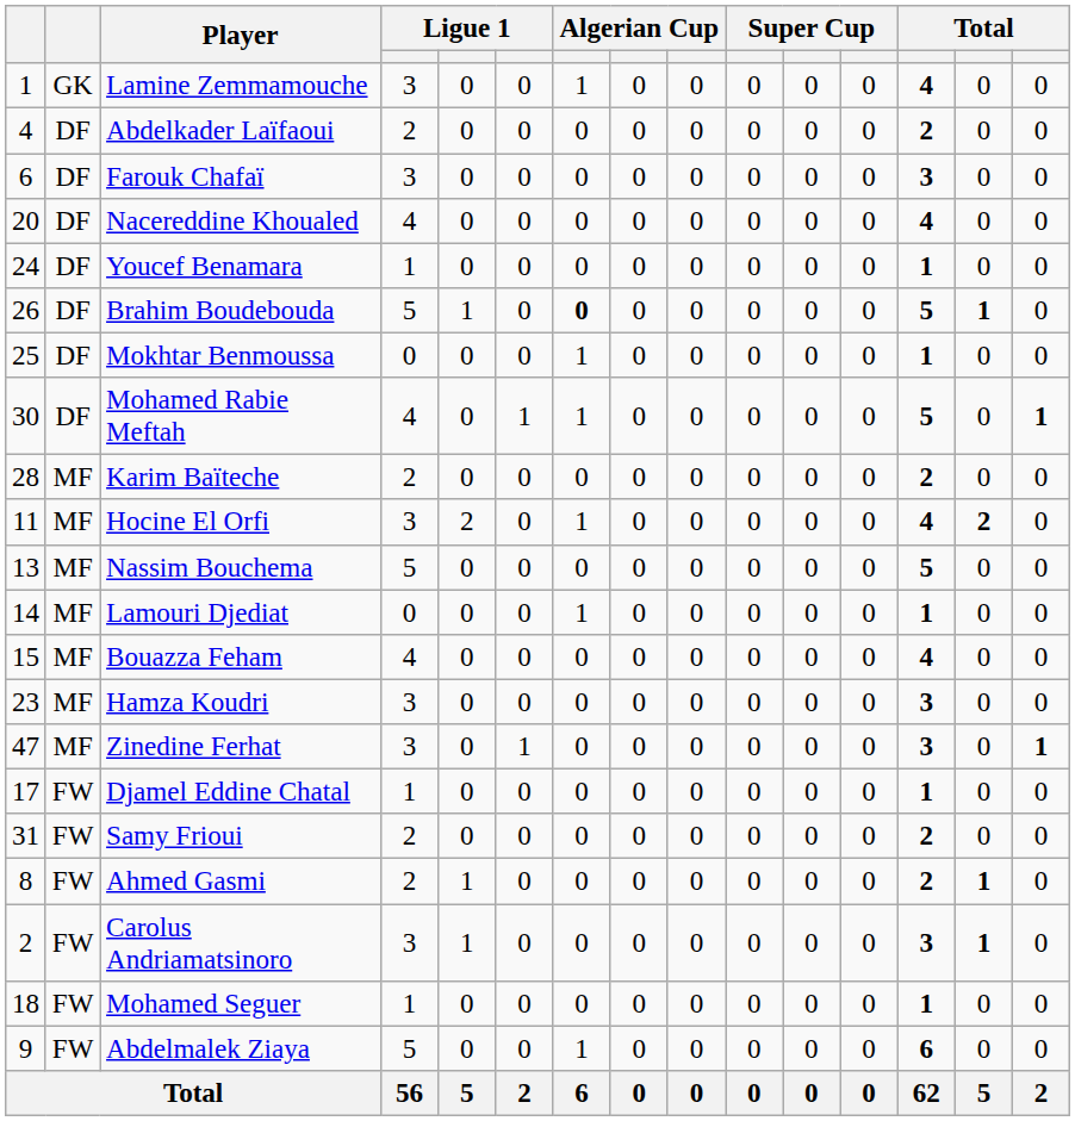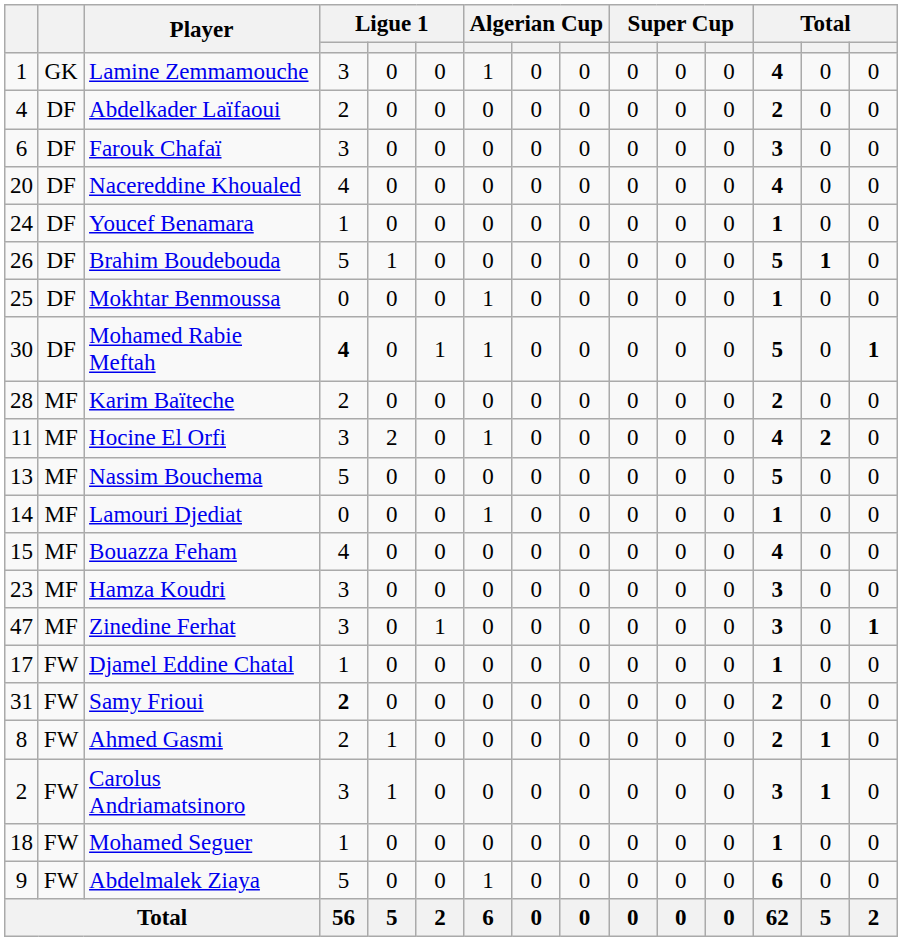 <table class="wikitable sortable nowrap" style="font-size: 96%; text-align: center;">
 <tr>
 <th rowspan="2"></th>
 <th rowspan="2"></th>
 <th rowspan="2" width=150>Player</th>
 <th colspan="3">Ligue 1</th>
 <th colspan="3">Algerian Cup</th>
 <th colspan="3">Super Cup</th>
 <th colspan="3">Total</th>
 </tr>
 <tr>
 <th width=25></th>
 <th width=25></th>
 <th width=25></th>
 <th width=25></th>
 <th width=25></th>
 <th width=25></th>
 <th width=25></th>
 <th width=25></th>
 <th width=25></th>
 <th width=25></th>
 <th width=25></th>
 <th width=25></th>
 </tr>
 <tr>
 <td>1</td>
 <td>GK</td>
 <td style="text-align:left"> <a href='#'>Lamine Zemmamouche</a></td>
 <td>3</td>
 <td>0</td>
 <td>0</td>
 <td>1</td>
 <td>0</td>
 <td>0</td>
 <td>0</td>
 <td>0</td>
 <td>0</td>
 <td><strong>4</strong></td>
 <td>0</td>
 <td>0</td>
 </tr>
 <tr>
 <td>4</td>
 <td>DF</td>
 <td style="text-align:left"> <a href='#'>Abdelkader Laïfaoui</a></td>
 <td>2</td>
 <td>0</td>
 <td>0</td>
 <td>0</td>
 <td>0</td>
 <td>0</td>
 <td>0</td>
 <td>0</td>
 <td>0</td>
 <td><strong>2</strong></td>
 <td>0</td>
 <td>0</td>
 </tr>
 <tr>
 <td>6</td>
 <td>DF</td>
 <td style="text-align:left"> <a href='#'>Farouk Chafaï</a></td>
 <td>3</td>
 <td>0</td>
 <td>0</td>
 <td>0</td>
 <td>0</td>
 <td>0</td>
 <td>0</td>
 <td>0</td>
 <td>0</td>
 <td><strong>3</strong></td>
 <td>0</td>
 <td>0</td>
 </tr>
 <tr>
 <td>20</td>
 <td>DF</td>
 <td style="text-align:left"> <a href='#'>Nacereddine Khoualed</a></td>
 <td>4</td>
 <td>0</td>
 <td>0</td>
 <td>0</td>
 <td>0</td>
 <td>0</td>
 <td>0</td>
 <td>0</td>
 <td>0</td>
 <td><strong>4</strong></td>
 <td>0</td>
 <td>0</td>
 </tr>
 <tr>
 <td>24</td>
 <td>DF</td>
 <td style="text-align:left"> <a href='#'>Youcef Benamara</a></td>
 <td>1</td>
 <td>0</td>
 <td>0</td>
 <td>0</td>
 <td>0</td>
 <td>0</td>
 <td>0</td>
 <td>0</td>
 <td>0</td>
 <td><strong>1</strong></td>
 <td>0</td>
 <td>0</td>
 </tr>
 <tr>
 <td>26</td>
 <td>DF</td>
 <td style="text-align:left"> <a href='#'>Brahim Boudebouda</a></td>
 <td>5</td>
 <td>1</td>
 <td>0</td>
-<td><strong>0</strong></td>
+<td>0</td>
 <td>0</td>
 <td>0</td>
 <td>0</td>
 <td>0</td>
 <td>0</td>
 <td><strong>5</strong></td>
 <td><strong>1</strong></td>
 <td>0</td>
 </tr>
 <tr>
 <td>25</td>
 <td>DF</td>
 <td style="text-align:left"> <a href='#'>Mokhtar Benmoussa</a></td>
 <td>0</td>
 <td>0</td>
 <td>0</td>
 <td>1</td>
 <td>0</td>
 <td>0</td>
 <td>0</td>
 <td>0</td>
 <td>0</td>
 <td><strong>1</strong></td>
 <td>0</td>
 <td>0</td>
 </tr>
 <tr>
 <td>30</td>
 <td>DF</td>
 <td style="text-align:left"> <a href='#'>Mohamed Rabie Meftah</a></td>
-<td>4</td>
+<td><strong>4</strong></td>
 <td>0</td>
 <td>1</td>
 <td>1</td>
 <td>0</td>
 <td>0</td>
 <td>0</td>
 <td>0</td>
 <td>0</td>
 <td><strong>5</strong></td>
 <td>0</td>
 <td><strong>1</strong></td>
 </tr>
 <tr>
 <td>28</td>
 <td>MF</td>
 <td style="text-align:left"> <a href='#'>Karim Baïteche</a></td>
 <td>2</td>
 <td>0</td>
 <td>0</td>
 <td>0</td>
 <td>0</td>
 <td>0</td>
 <td>0</td>
 <td>0</td>
 <td>0</td>
 <td><strong>2</strong></td>
 <td>0</td>
 <td>0</td>
 </tr>
 <tr>
 <td>11</td>
 <td>MF</td>
 <td style="text-align:left"> <a href='#'>Hocine El Orfi</a></td>
 <td>3</td>
 <td>2</td>
 <td>0</td>
 <td>1</td>
 <td>0</td>
 <td>0</td>
 <td>0</td>
 <td>0</td>
 <td>0</td>
 <td><strong>4</strong></td>
 <td><strong>2</strong></td>
 <td>0</td>
 </tr>
 <tr>
 <td>13</td>
 <td>MF</td>
 <td style="text-align:left"> <a href='#'>Nassim Bouchema</a></td>
 <td>5</td>
 <td>0</td>
 <td>0</td>
 <td>0</td>
 <td>0</td>
 <td>0</td>
 <td>0</td>
 <td>0</td>
 <td>0</td>
 <td><strong>5</strong></td>
 <td>0</td>
 <td>0</td>
 </tr>
 <tr>
 <td>14</td>
 <td>MF</td>
 <td style="text-align:left"> <a href='#'>Lamouri Djediat</a></td>
 <td>0</td>
 <td>0</td>
 <td>0</td>
 <td>1</td>
 <td>0</td>
 <td>0</td>
 <td>0</td>
 <td>0</td>
 <td>0</td>
 <td><strong>1</strong></td>
 <td>0</td>
 <td>0</td>
 </tr>
 <tr>
 <td>15</td>
 <td>MF</td>
 <td style="text-align:left"> <a href='#'>Bouazza Feham</a></td>
 <td>4</td>
 <td>0</td>
 <td>0</td>
 <td>0</td>
 <td>0</td>
 <td>0</td>
 <td>0</td>
 <td>0</td>
 <td>0</td>
 <td><strong>4</strong></td>
 <td>0</td>
 <td>0</td>
 </tr>
 <tr>
 <td>23</td>
 <td>MF</td>
 <td style="text-align:left"> <a href='#'>Hamza Koudri</a></td>
 <td>3</td>
 <td>0</td>
 <td>0</td>
 <td>0</td>
 <td>0</td>
 <td>0</td>
 <td>0</td>
 <td>0</td>
 <td>0</td>
 <td><strong>3</strong></td>
 <td>0</td>
 <td>0</td>
 </tr>
 <tr>
 <td>47</td>
 <td>MF</td>
 <td style="text-align:left"> <a href='#'>Zinedine Ferhat</a></td>
 <td>3</td>
 <td>0</td>
 <td>1</td>
 <td>0</td>
 <td>0</td>
 <td>0</td>
 <td>0</td>
 <td>0</td>
 <td>0</td>
 <td><strong>3</strong></td>
 <td>0</td>
 <td><strong>1</strong></td>
 </tr>
 <tr>
 <td>17</td>
 <td>FW</td>
 <td style="text-align:left"> <a href='#'>Djamel Eddine Chatal</a></td>
 <td>1</td>
 <td>0</td>
 <td>0</td>
 <td>0</td>
 <td>0</td>
 <td>0</td>
 <td>0</td>
 <td>0</td>
 <td>0</td>
 <td><strong>1</strong></td>
 <td>0</td>
 <td>0</td>
 </tr>
 <tr>
 <td>31</td>
 <td>FW</td>
 <td style="text-align:left"> <a href='#'>Samy Frioui</a></td>
-<td>2</td>
+<td><strong>2</strong></td>
 <td>0</td>
 <td>0</td>
 <td>0</td>
 <td>0</td>
 <td>0</td>
 <td>0</td>
 <td>0</td>
 <td>0</td>
 <td><strong>2</strong></td>
 <td>0</td>
 <td>0</td>
 </tr>
 <tr>
 <td>8</td>
 <td>FW</td>
 <td style="text-align:left"> <a href='#'>Ahmed Gasmi</a></td>
 <td>2</td>
 <td>1</td>
 <td>0</td>
 <td>0</td>
 <td>0</td>
 <td>0</td>
 <td>0</td>
 <td>0</td>
 <td>0</td>
 <td><strong>2</strong></td>
 <td><strong>1</strong></td>
 <td>0</td>
 </tr>
 <tr>
 <td>2</td>
 <td>FW</td>
 <td style="text-align:left"> <a href='#'>Carolus Andriamatsinoro</a></td>
 <td>3</td>
 <td>1</td>
 <td>0</td>
 <td>0</td>
 <td>0</td>
 <td>0</td>
 <td>0</td>
 <td>0</td>
 <td>0</td>
 <td><strong>3</strong></td>
 <td><strong>1</strong></td>
 <td>0</td>
 </tr>
 <tr>
 <td>18</td>
 <td>FW</td>
 <td style="text-align:left"> <a href='#'>Mohamed Seguer</a></td>
 <td>1</td>
 <td>0</td>
 <td>0</td>
 <td>0</td>
 <td>0</td>
 <td>0</td>
 <td>0</td>
 <td>0</td>
 <td>0</td>
 <td><strong>1</strong></td>
 <td>0</td>
 <td>0</td>
 </tr>
 <tr>
 <td>9</td>
 <td>FW</td>
 <td style="text-align:left"> <a href='#'>Abdelmalek Ziaya</a></td>
 <td>5</td>
 <td>0</td>
 <td>0</td>
 <td>1</td>
 <td>0</td>
 <td>0</td>
 <td>0</td>
 <td>0</td>
 <td>0</td>
 <td><strong>6</strong></td>
 <td>0</td>
 <td>0</td>
 </tr>
 <tr>
 <th colspan="3">Total</th>
 <th>56</th>
 <th>5</th>
 <th>2</th>
 <th>6</th>
 <th>0</th>
 <th>0</th>
 <th>0</th>
 <th>0</th>
 <th>0</th>
 <th>62</th>
 <th>5</th>
 <th>2</th>
 </tr>
 </table>
